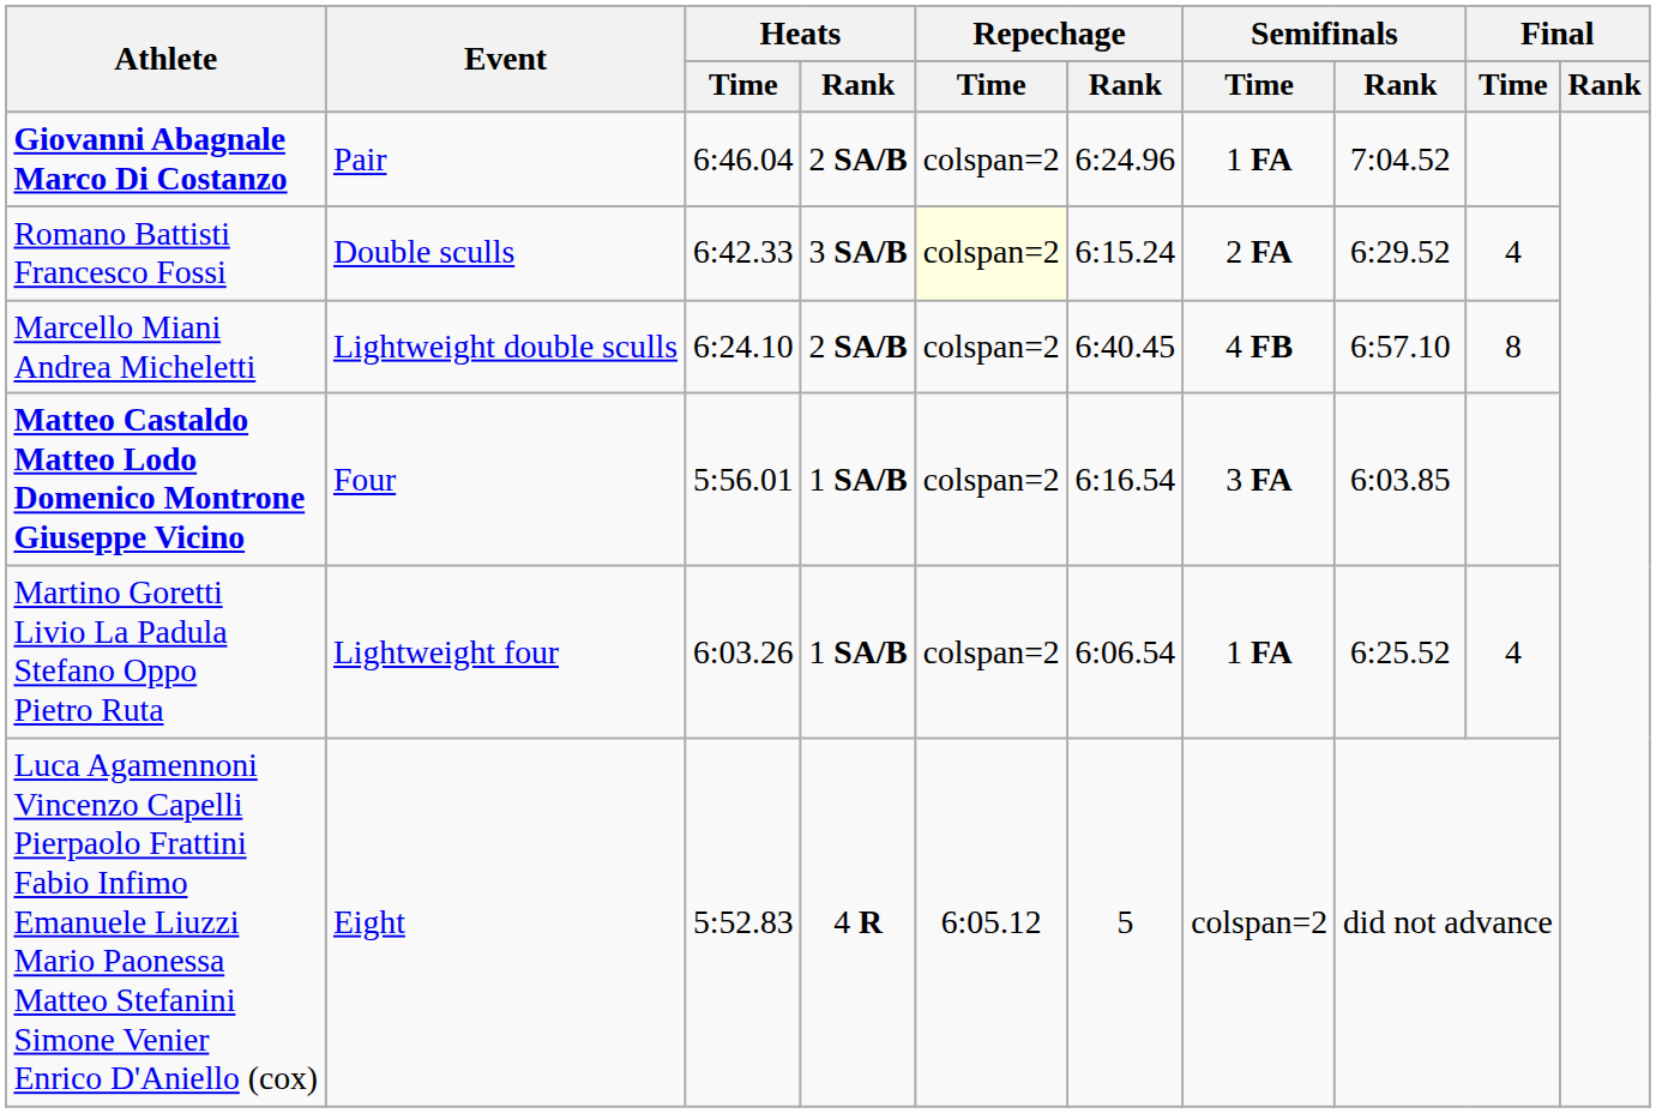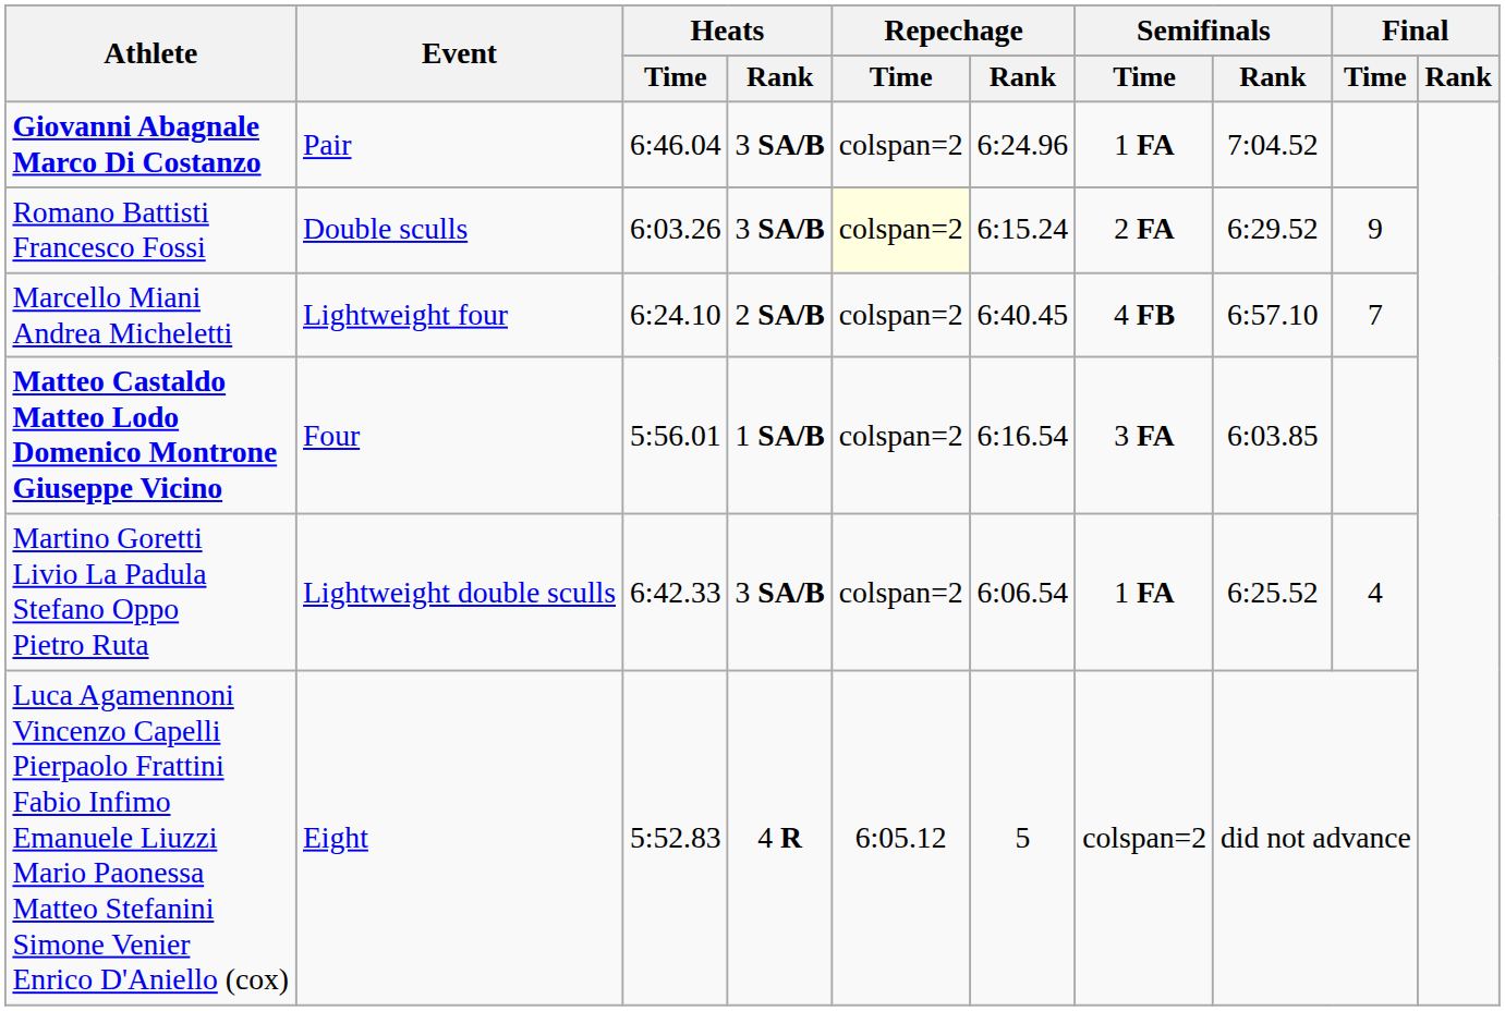 <table class="wikitable" style="font-size:90%">
 <tr>
 <th rowspan="2">Athlete</th>
 <th rowspan="2">Event</th>
 <th colspan="2">Heats</th>
 <th colspan="2">Repechage</th>
 <th colspan="2">Semifinals</th>
 <th colspan="2">Final</th>
 </tr>
 <tr style="font-size:95%">
 <th>Time</th>
 <th>Rank</th>
 <th>Time</th>
 <th>Rank</th>
 <th>Time</th>
 <th>Rank</th>
 <th>Time</th>
 <th>Rank</th>
 </tr>
 <tr align=center>
 <td align=left><strong><a href='#'>Giovanni Abagnale</a><br><a href='#'>Marco Di Costanzo</a></strong></td>
 <td align=left><a href='#'>Pair</a></td>
 <td>6:46.04</td>
-<td>2 <strong>SA/B</strong></td>
+<td>3 <strong>SA/B</strong></td>
 <td>colspan=2 </td>
 <td>6:24.96</td>
 <td>1 <strong>FA</strong></td>
 <td>7:04.52</td>
 <td></td>
 </tr>
 <tr align=center>
 <td align=left><a href='#'>Romano Battisti</a><br><a href='#'>Francesco Fossi</a></td>
 <td align=left><a href='#'>Double sculls</a></td>
-<td>6:42.33</td>
+<td>6:03.26</td>
 <td>3 <strong>SA/B</strong></td>
 <td style="background: lightyellow;">colspan=2 </td>
 <td>6:15.24</td>
 <td>2 <strong>FA</strong></td>
 <td>6:29.52</td>
-<td>4</td>
+<td>9</td>
 </tr>
 <tr align=center>
 <td align=left><a href='#'>Marcello Miani</a><br><a href='#'>Andrea Micheletti</a></td>
-<td align=left><a href='#'>Lightweight double sculls</a></td>
+<td align=left><a href='#'>Lightweight four</a></td>
 <td>6:24.10</td>
 <td>2 <strong>SA/B</strong></td>
 <td>colspan=2 </td>
 <td>6:40.45</td>
 <td>4 <strong>FB</strong></td>
 <td>6:57.10</td>
-<td>8</td>
+<td>7</td>
 </tr>
 <tr align=center>
 <td align=left><strong><a href='#'>Matteo Castaldo</a><br><a href='#'>Matteo Lodo</a><br><a href='#'>Domenico Montrone</a><br><a href='#'>Giuseppe Vicino</a></strong></td>
 <td align=left><a href='#'>Four</a></td>
 <td>5:56.01</td>
 <td>1 <strong>SA/B</strong></td>
 <td>colspan=2 </td>
 <td>6:16.54</td>
 <td>3 <strong>FA</strong></td>
 <td>6:03.85</td>
 <td></td>
 </tr>
 <tr align=center>
 <td align=left><a href='#'>Martino Goretti</a><br><a href='#'>Livio La Padula</a><br><a href='#'>Stefano Oppo</a><br><a href='#'>Pietro Ruta</a></td>
-<td align=left><a href='#'>Lightweight four</a></td>
-<td>6:03.26</td>
-<td>1 <strong>SA/B</strong></td>
+<td align=left><a href='#'>Lightweight double sculls</a></td>
+<td>6:42.33</td>
+<td>3 <strong>SA/B</strong></td>
 <td>colspan=2 </td>
 <td>6:06.54</td>
 <td>1 <strong>FA</strong></td>
 <td>6:25.52</td>
 <td>4</td>
 </tr>
 <tr align=center>
 <td align=left><a href='#'>Luca Agamennoni</a><br><a href='#'>Vincenzo Capelli</a><br><a href='#'>Pierpaolo Frattini</a><br><a href='#'>Fabio Infimo</a><br><a href='#'>Emanuele Liuzzi</a><br><a href='#'>Mario Paonessa</a><br><a href='#'>Matteo Stefanini</a><br><a href='#'>Simone Venier</a><br><a href='#'>Enrico D'Aniello</a> (cox)</td>
 <td align=left><a href='#'>Eight</a></td>
 <td>5:52.83</td>
 <td>4 <strong>R</strong></td>
 <td>6:05.12</td>
 <td>5</td>
 <td>colspan=2 </td>
 <td colspan=2>did not advance</td>
 </tr>
 </table>
